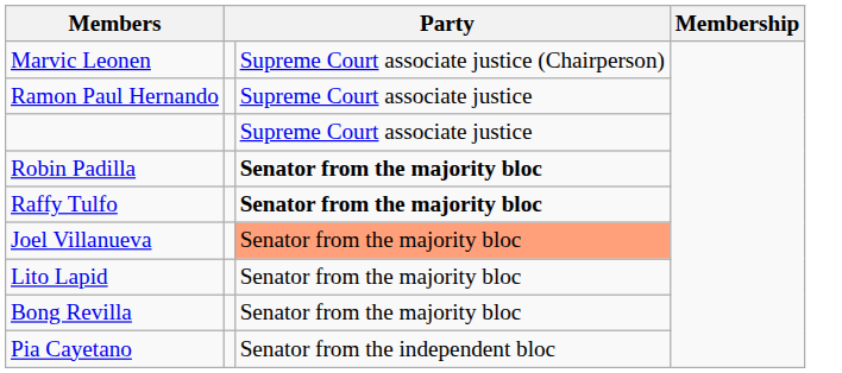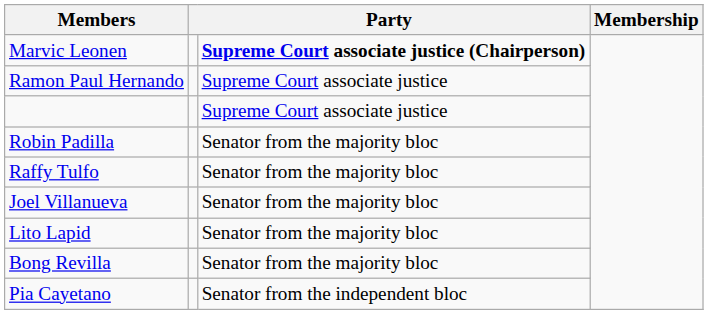 <table class="wikitable">
 <tr>
 <th>Members</th>
 <th colspan="2">Party</th>
 <th>Membership</th>
 </tr>
 <tr>
 <td><a href='#'>Marvic Leonen</a></td>
 <td></td>
-<td><a href='#'>Supreme Court</a> associate justice (Chairperson)</td>
+<td><strong><a href='#'>Supreme Court</a> associate justice (Chairperson)</strong></td>
 </tr>
 <tr>
 <td><a href='#'>Ramon Paul Hernando</a></td>
 <td></td>
 <td><a href='#'>Supreme Court</a> associate justice</td>
 </tr>
 <tr>
 <td></td>
 <td></td>
 <td><a href='#'>Supreme Court</a> associate justice</td>
 </tr>
 <tr>
 <td><a href='#'>Robin Padilla</a></td>
 <td></td>
-<td><strong>Senator from the majority bloc</strong></td>
+<td>Senator from the majority bloc</td>
 </tr>
 <tr>
 <td><a href='#'>Raffy Tulfo</a></td>
 <td></td>
-<td><strong>Senator from the majority bloc</strong></td>
+<td>Senator from the majority bloc</td>
 </tr>
 <tr>
 <td><a href='#'>Joel Villanueva</a></td>
 <td></td>
-<td style="background: lightsalmon;">Senator from the majority bloc</td>
+<td>Senator from the majority bloc</td>
 </tr>
 <tr>
 <td><a href='#'>Lito Lapid</a></td>
 <td></td>
 <td>Senator from the majority bloc</td>
 </tr>
 <tr>
 <td><a href='#'>Bong Revilla</a></td>
 <td></td>
 <td>Senator from the majority bloc</td>
 </tr>
 <tr>
 <td><a href='#'>Pia Cayetano</a></td>
 <td></td>
 <td>Senator from the independent bloc</td>
 </tr>
 </table>
